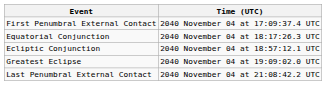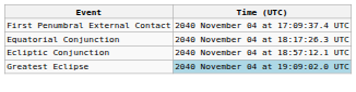 <table class="wikitable">
 <tr>
 <th>Event</th>
 <th>Time (UTC)</th>
 </tr>
 <tr>
 <td>First Penumbral External Contact</td>
 <td>2040 November 04 at 17:09:37.4 UTC</td>
 </tr>
 <tr>
 <td>Equatorial Conjunction</td>
 <td>2040 November 04 at 18:17:26.3 UTC</td>
 </tr>
 <tr>
 <td>Ecliptic Conjunction</td>
 <td>2040 November 04 at 18:57:12.1 UTC</td>
 </tr>
 <tr>
 <td>Greatest Eclipse</td>
-<td>2040 November 04 at 19:09:02.0 UTC</td>
-</tr>
-<tr>
-<td>Last Penumbral External Contact</td>
-<td>2040 November 04 at 21:08:42.2 UTC</td>
+<td style="background: lightblue;">2040 November 04 at 19:09:02.0 UTC</td>
 </tr>
 </table>
